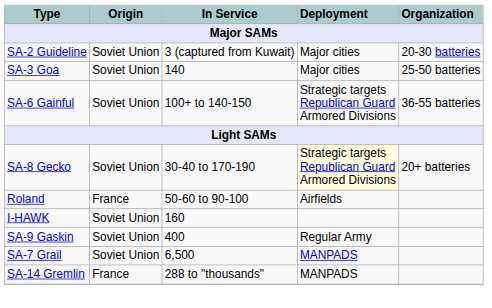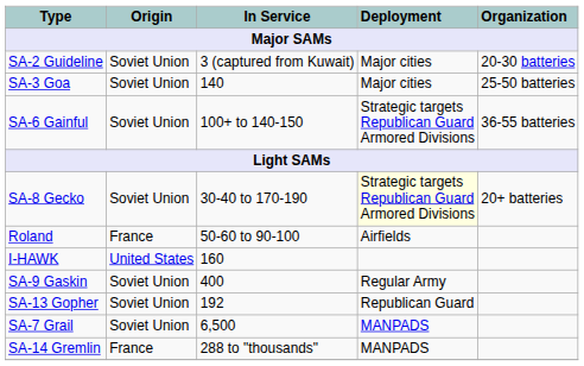 <table class="wikitable" style="display: inline-table;">
 <tr>
 <th style="text-align:center; background:#acc;">Type</th>
 <th style="text-align: center; background:#acc;">Origin</th>
 <th style="text-align: center; background:#acc;">In Service</th>
 <th style="text-align:left; background:#acc;">Deployment</th>
 <th style="text-align:left; background:#acc;">Organization</th>
 </tr>
 <tr>
 <th colspan="5" style="align: center; background: lavender;">Major SAMs</th>
 </tr>
 <tr>
 <td><a href='#'>SA-2 Guideline</a></td>
 <td>Soviet Union</td>
 <td>3 (captured from Kuwait)</td>
 <td>Major cities</td>
 <td>20-30 <a href='#'>batteries</a></td>
 </tr>
 <tr>
 <td><a href='#'>SA-3 Goa</a></td>
 <td>Soviet Union</td>
 <td>140</td>
 <td>Major cities</td>
 <td>25-50 batteries</td>
 </tr>
 <tr>
 <td><a href='#'>SA-6 Gainful</a></td>
 <td>Soviet Union</td>
 <td>100+ to 140-150</td>
 <td>Strategic targets <br><a href='#'>Republican Guard</a> <br>Armored Divisions</td>
 <td>36-55 batteries</td>
 </tr>
 <tr>
 <th colspan="5" style="align: center; background: lavender;">Light SAMs</th>
 </tr>
 <tr>
 <td><a href='#'>SA-8 Gecko</a></td>
 <td>Soviet Union</td>
 <td>30-40 to 170-190</td>
 <td style="background: lightyellow;">Strategic targets <br><a href='#'>Republican Guard</a> <br>Armored Divisions</td>
 <td>20+ batteries</td>
 </tr>
 <tr>
 <td><a href='#'>Roland</a></td>
 <td>France</td>
 <td>50-60 to 90-100</td>
 <td>Airfields</td>
 <td></td>
 </tr>
 <tr>
 <td><a href='#'>I-HAWK</a></td>
-<td>Soviet Union</td>
+<td><a href='#'>United States</a></td>
 <td>160</td>
 <td></td>
 <td></td>
 </tr>
 <tr>
 <td><a href='#'>SA-9 Gaskin</a></td>
 <td>Soviet Union</td>
 <td>400</td>
 <td>Regular Army</td>
+<td></td>
+</tr>
+<tr>
+<td><a href='#'>SA-13 Gopher</a></td>
+<td>Soviet Union</td>
+<td>192</td>
+<td>Republican Guard</td>
 <td></td>
 </tr>
 <tr>
 <td><a href='#'>SA-7 Grail</a></td>
 <td>Soviet Union</td>
 <td>6,500</td>
 <td><a href='#'>MANPADS</a></td>
 <td></td>
 </tr>
 <tr>
 <td><a href='#'>SA-14 Gremlin</a></td>
 <td>France</td>
 <td>288 to "thousands"</td>
 <td>MANPADS</td>
 <td></td>
 </tr>
 <tr>
 </tr>
 </table>
